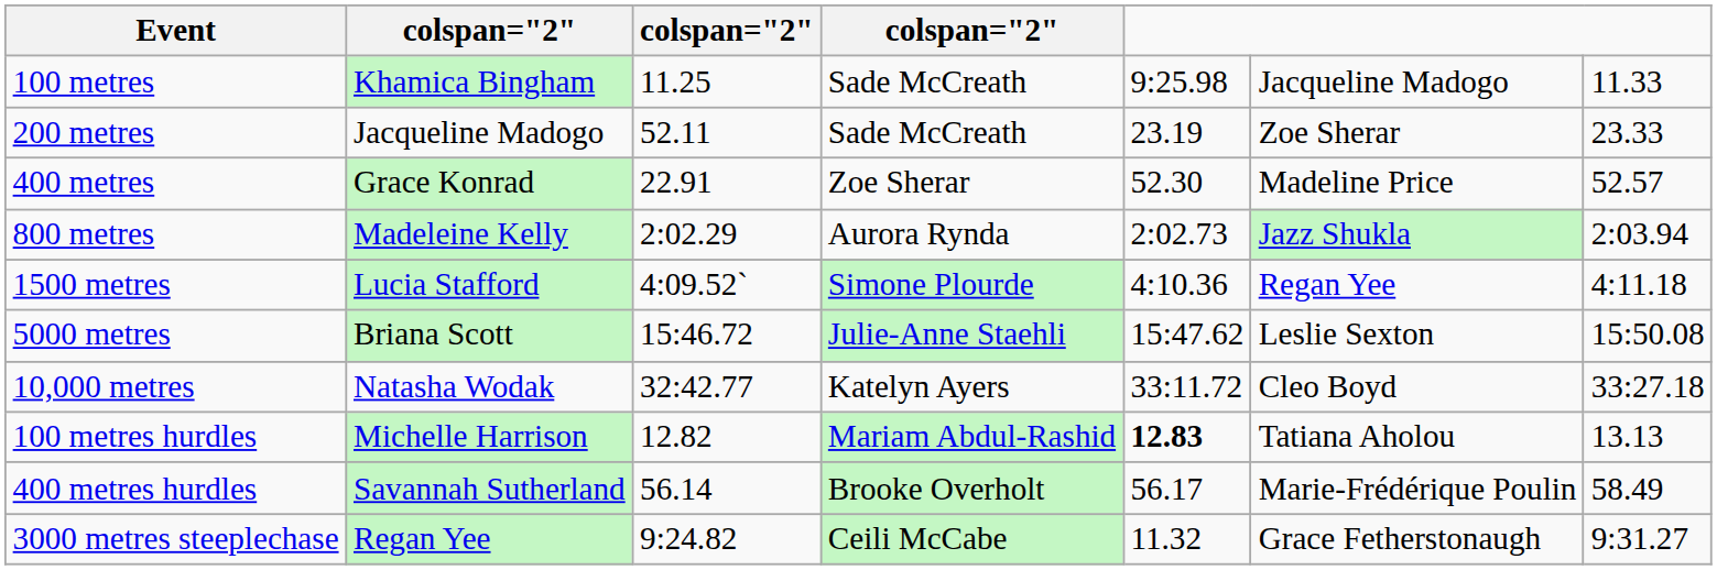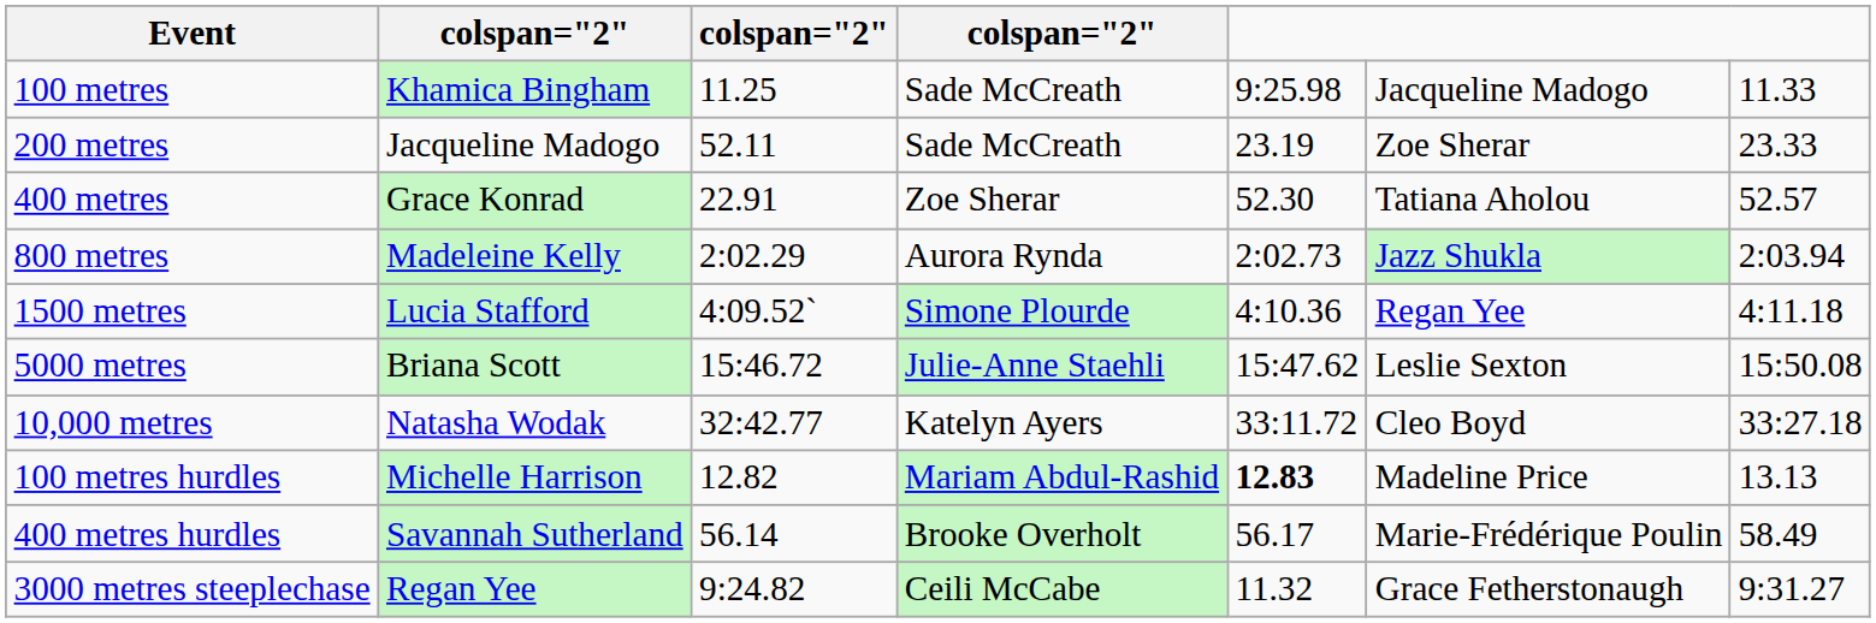 <table class="wikitable">
 <tr>
 <th>Event</th>
 <th>colspan="2" </th>
 <th>colspan="2" </th>
 <th>colspan="2" </th>
 </tr>
 <tr>
 <td><a href='#'>100 metres</a></td>
 <td bgcolor=#C4F7C4><a href='#'>Khamica Bingham</a></td>
 <td>11.25</td>
 <td>Sade McCreath</td>
 <td>9:25.98</td>
 <td>Jacqueline Madogo</td>
 <td>11.33</td>
 </tr>
 <tr>
 <td><a href='#'>200 metres</a></td>
 <td>Jacqueline Madogo</td>
 <td>52.11</td>
 <td>Sade McCreath</td>
 <td>23.19</td>
 <td>Zoe Sherar</td>
 <td>23.33</td>
 </tr>
 <tr>
 <td><a href='#'>400 metres</a></td>
 <td bgcolor=#C4F7C4>Grace Konrad</td>
 <td>22.91</td>
 <td>Zoe Sherar</td>
 <td>52.30</td>
-<td>Madeline Price</td>
+<td>Tatiana Aholou</td>
 <td>52.57</td>
 </tr>
 <tr>
 <td><a href='#'>800 metres</a></td>
 <td bgcolor=#C4F7C4><a href='#'>Madeleine Kelly</a></td>
 <td>2:02.29</td>
 <td>Aurora Rynda</td>
 <td>2:02.73</td>
 <td bgcolor=#C4F7C4><a href='#'>Jazz Shukla</a></td>
 <td>2:03.94</td>
 </tr>
 <tr>
 <td><a href='#'>1500 metres</a></td>
 <td bgcolor=#C4F7C4><a href='#'>Lucia Stafford</a></td>
 <td>4:09.52`</td>
 <td bgcolor=#C4F7C4><a href='#'>Simone Plourde</a></td>
 <td>4:10.36</td>
 <td><a href='#'>Regan Yee</a></td>
 <td>4:11.18</td>
 </tr>
 <tr>
 <td><a href='#'>5000 metres</a></td>
 <td bgcolor=#C4F7C4>Briana Scott</td>
 <td>15:46.72</td>
 <td bgcolor=#C4F7C4><a href='#'>Julie-Anne Staehli</a></td>
 <td>15:47.62</td>
 <td>Leslie Sexton</td>
 <td>15:50.08</td>
 </tr>
 <tr>
 <td><a href='#'>10,000 metres</a></td>
 <td><a href='#'>Natasha Wodak</a></td>
 <td>32:42.77</td>
 <td>Katelyn Ayers</td>
 <td>33:11.72</td>
 <td>Cleo Boyd</td>
 <td>33:27.18</td>
 </tr>
 <tr>
 <td><a href='#'>100 metres hurdles</a></td>
 <td bgcolor=#C4F7C4><a href='#'>Michelle Harrison</a></td>
 <td>12.82</td>
 <td bgcolor=#C4F7C4><a href='#'>Mariam Abdul-Rashid</a></td>
 <td><strong>12.83</strong></td>
-<td>Tatiana Aholou</td>
+<td>Madeline Price</td>
 <td>13.13</td>
 </tr>
 <tr>
 <td><a href='#'>400 metres hurdles</a></td>
 <td bgcolor=#C4F7C4><a href='#'>Savannah Sutherland</a></td>
 <td>56.14</td>
 <td bgcolor=#C4F7C4>Brooke Overholt</td>
 <td>56.17</td>
 <td>Marie-Frédérique Poulin</td>
 <td>58.49</td>
 </tr>
 <tr>
 <td><a href='#'>3000 metres steeplechase</a></td>
 <td bgcolor=#C4F7C4><a href='#'>Regan Yee</a></td>
 <td>9:24.82</td>
 <td bgcolor=#C4F7C4>Ceili McCabe</td>
 <td>11.32</td>
 <td>Grace Fetherstonaugh</td>
 <td>9:31.27</td>
 </tr>
 </table>
